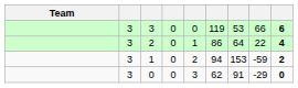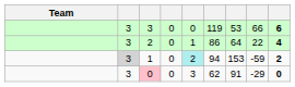 <table class="wikitable" style="text-align: center; font-size:90% ">
 <tr>
 <th width=160>Team</th>
 <th width=25></th>
 <th width=25></th>
 <th width=25></th>
 <th width=25></th>
 <th width=25></th>
 <th width=25></th>
 <th width=25></th>
 <th width=25></th>
 </tr>
 <tr bgcolor=ccffcc>
 <td align=left></td>
 <td>3</td>
 <td>3</td>
 <td>0</td>
 <td>0</td>
 <td>119</td>
 <td>53</td>
 <td>66</td>
 <td><strong>6</strong></td>
 </tr>
 <tr bgcolor=ccffcc>
 <td align=left></td>
 <td>3</td>
 <td>2</td>
 <td>0</td>
 <td>1</td>
 <td>86</td>
 <td>64</td>
 <td>22</td>
 <td><strong>4</strong></td>
 </tr>
 <tr>
 <td align=left></td>
-<td>3</td>
+<td style="background: lightgrey;">3</td>
 <td>1</td>
 <td>0</td>
-<td>2</td>
+<td style="background: paleturquoise;">2</td>
 <td>94</td>
 <td>153</td>
 <td>-59</td>
 <td><strong>2</strong></td>
 </tr>
 <tr>
 <td align=left></td>
 <td>3</td>
-<td>0</td>
+<td style="background: pink;">0</td>
 <td>0</td>
 <td>3</td>
 <td>62</td>
 <td>91</td>
 <td>-29</td>
 <td><strong>0</strong></td>
 </tr>
 </table>
